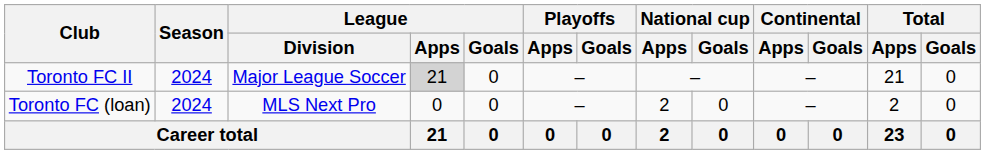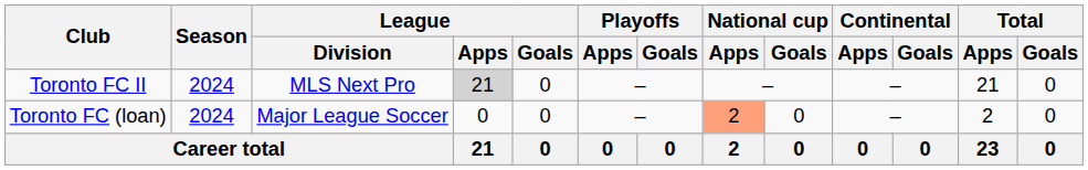 <table class="wikitable" style="text-align: center">
 <tr>
 <th rowspan="2">Club</th>
 <th rowspan="2">Season</th>
 <th colspan="3">League</th>
 <th colspan="2">Playoffs</th>
 <th colspan="2">National cup</th>
 <th colspan="2">Continental</th>
 <th colspan="2">Total</th>
 </tr>
 <tr>
 <th>Division</th>
 <th>Apps</th>
 <th>Goals</th>
 <th>Apps</th>
 <th>Goals</th>
 <th>Apps</th>
 <th>Goals</th>
 <th>Apps</th>
 <th>Goals</th>
 <th>Apps</th>
 <th>Goals</th>
 </tr>
 <tr>
 <td><a href='#'>Toronto FC II</a></td>
 <td><a href='#'>2024</a></td>
-<td><a href='#'>Major League Soccer</a></td>
+<td><a href='#'>MLS Next Pro</a></td>
 <td style="background: lightgrey;">21</td>
 <td>0</td>
 <td colspan="2">–</td>
 <td colspan="2">–</td>
 <td colspan="2">–</td>
 <td>21</td>
 <td>0</td>
 </tr>
 <tr>
 <td><a href='#'>Toronto FC</a> (loan)</td>
 <td><a href='#'>2024</a></td>
-<td><a href='#'>MLS Next Pro</a></td>
+<td><a href='#'>Major League Soccer</a></td>
 <td>0</td>
 <td>0</td>
 <td colspan="2">–</td>
-<td>2</td>
+<td style="background: lightsalmon;">2</td>
 <td>0</td>
 <td colspan="2">–</td>
 <td>2</td>
 <td>0</td>
 </tr>
 <tr>
 <th colspan="3">Career total</th>
 <th>21</th>
 <th>0</th>
 <th>0</th>
 <th>0</th>
 <th>2</th>
 <th>0</th>
 <th>0</th>
 <th>0</th>
 <th>23</th>
 <th>0</th>
 </tr>
 </table>
